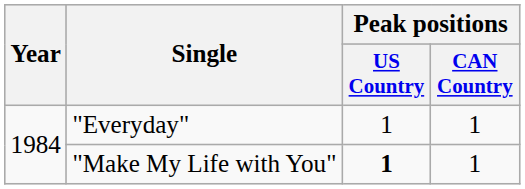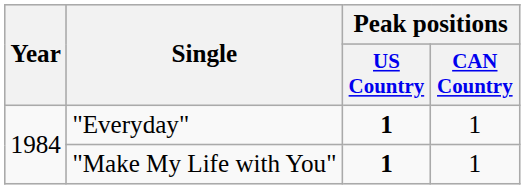 <table class="wikitable" style="text-align:center;">
 <tr>
 <th rowspan="2">Year</th>
 <th rowspan="2">Single</th>
 <th colspan="2">Peak positions</th>
 </tr>
 <tr style="font-size:smaller;">
 <th width="50"><a href='#'>US Country</a></th>
 <th width="50"><a href='#'>CAN Country</a></th>
 </tr>
 <tr>
 <td rowspan="2">1984</td>
 <td align="left">"Everyday"</td>
-<td>1</td>
+<td><strong>1</strong></td>
 <td>1</td>
 </tr>
 <tr>
 <td align="left">"Make My Life with You"</td>
 <td><strong>1</strong></td>
 <td>1</td>
 </tr>
 </table>
